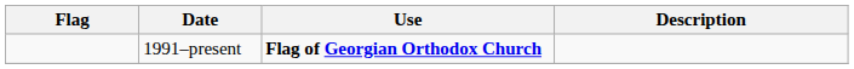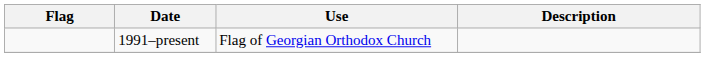 <table class="wikitable">
 <tr>
 <th width="110">Flag</th>
 <th width="100">Date</th>
 <th width="250">Use</th>
 <th width="250">Description</th>
 </tr>
 <tr>
 <td></td>
 <td>1991–present</td>
-<td><strong>Flag of <a href='#'>Georgian Orthodox Church</a></strong></td>
+<td>Flag of <a href='#'>Georgian Orthodox Church</a></td>
 <td></td>
 </tr>
 <tr>
 </tr>
 </table>
